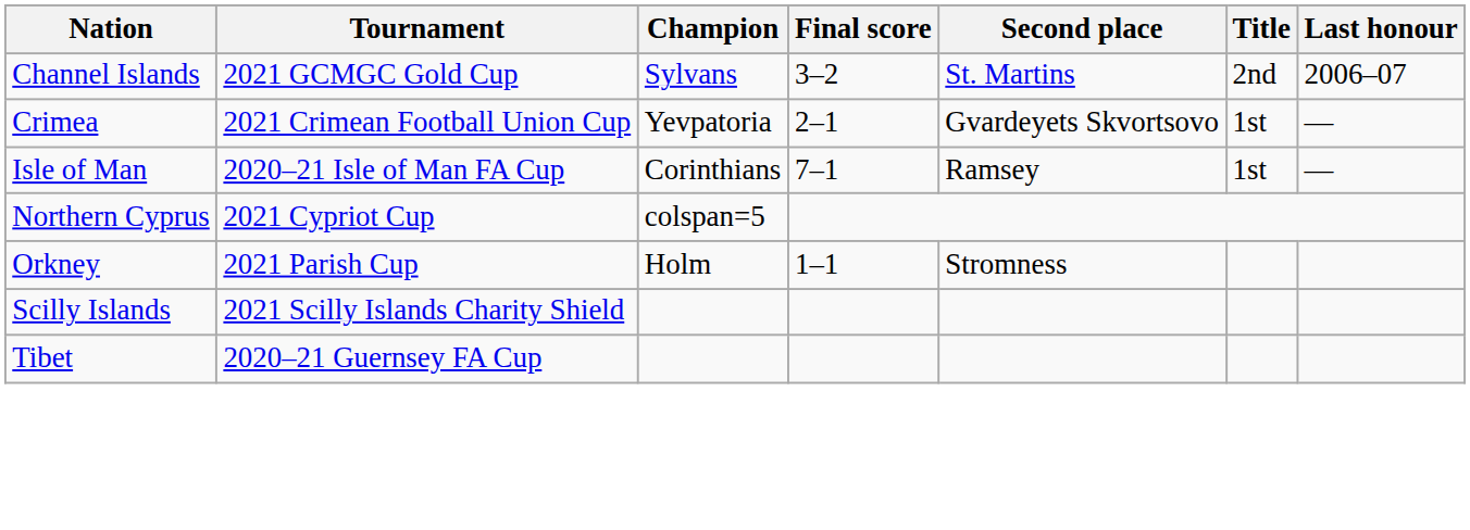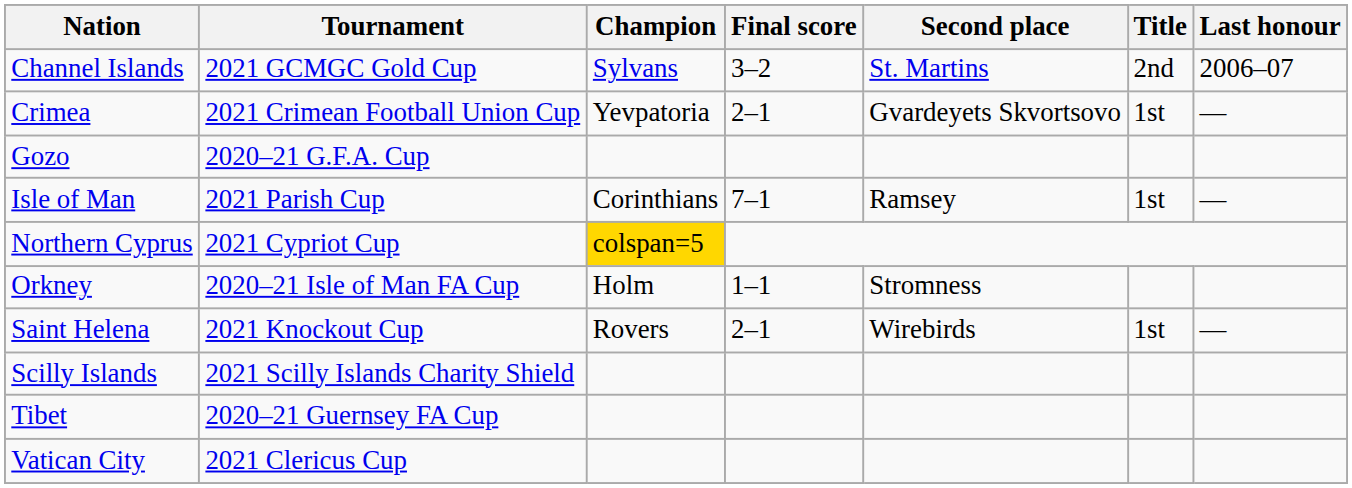 <table class=wikitable style="font-size:14px">
 <tr>
 <th>Nation</th>
 <th>Tournament</th>
 <th>Champion</th>
 <th>Final score</th>
 <th>Second place</th>
 <th data-sort-type="number">Title</th>
 <th>Last honour</th>
 </tr>
 <tr>
 <td><a href='#'>Channel Islands</a></td>
 <td><a href='#'>2021 GCMGC Gold Cup</a></td>
 <td><a href='#'>Sylvans</a></td>
 <td>3–2</td>
 <td><a href='#'>St. Martins</a></td>
 <td>2nd</td>
 <td>2006–07</td>
 </tr>
 <tr>
 <td> <a href='#'>Crimea</a></td>
 <td><a href='#'>2021 Crimean Football Union Cup</a></td>
 <td>Yevpatoria</td>
 <td>2–1</td>
 <td>Gvardeyets Skvortsovo</td>
 <td>1st</td>
 <td>—</td>
 </tr>
 <tr>
+<td> <a href='#'>Gozo</a></td>
+<td><a href='#'>2020–21 G.F.A. Cup</a></td>
+<td></td>
+<td></td>
+<td></td>
+<td></td>
+<td></td>
+</tr>
+<tr>
 <td> <a href='#'>Isle of Man</a></td>
-<td><a href='#'>2020–21 Isle of Man FA Cup</a></td>
+<td><a href='#'>2021 Parish Cup</a></td>
 <td>Corinthians</td>
 <td>7–1</td>
 <td>Ramsey</td>
 <td>1st</td>
 <td>—</td>
 </tr>
 <tr>
 <td> <a href='#'>Northern Cyprus</a></td>
 <td><a href='#'>2021 Cypriot Cup</a></td>
-<td>colspan=5 </td>
+<td style="background: gold;">colspan=5 </td>
 </tr>
 <tr>
 <td> <a href='#'>Orkney</a></td>
-<td><a href='#'>2021 Parish Cup</a></td>
+<td><a href='#'>2020–21 Isle of Man FA Cup</a></td>
 <td>Holm</td>
 <td>1–1 </td>
 <td>Stromness</td>
 <td></td>
 <td></td>
+</tr>
+<tr>
+<td> <a href='#'>Saint Helena</a></td>
+<td><a href='#'>2021 Knockout Cup</a></td>
+<td>Rovers</td>
+<td>2–1</td>
+<td>Wirebirds</td>
+<td>1st</td>
+<td>—</td>
 </tr>
 <tr>
 <td><a href='#'>Scilly Islands</a></td>
 <td><a href='#'>2021 Scilly Islands Charity Shield</a></td>
 <td></td>
 <td></td>
 <td></td>
 <td></td>
 <td></td>
 </tr>
 <tr>
 <td> <a href='#'>Tibet</a></td>
 <td><a href='#'>2020–21 Guernsey FA Cup</a></td>
 <td></td>
 <td></td>
 <td></td>
 <td></td>
 <td></td>
 </tr>
+<tr>
+<td> <a href='#'>Vatican City</a></td>
+<td><a href='#'>2021 Clericus Cup</a></td>
+<td></td>
+<td></td>
+<td></td>
+<td></td>
+<td></td>
+</tr>
 </table>
